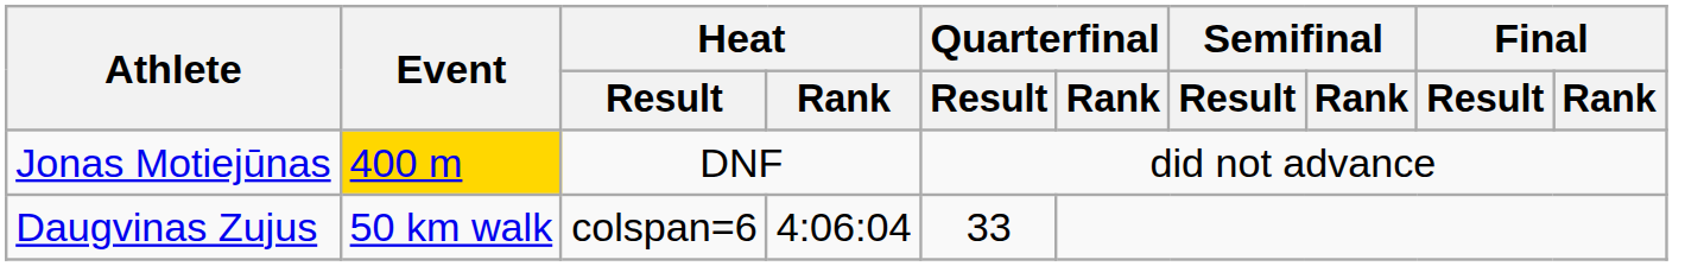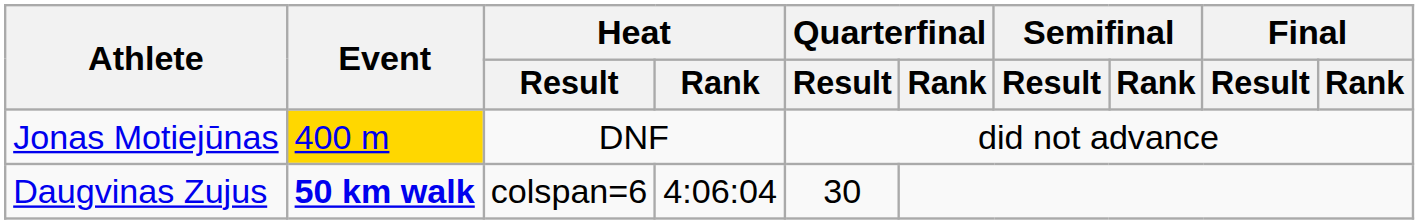 <table class="wikitable" style="font-size:90%">
 <tr>
 <th rowspan="2">Athlete</th>
 <th rowspan="2">Event</th>
 <th colspan="2">Heat</th>
 <th colspan="2">Quarterfinal</th>
 <th colspan="2">Semifinal</th>
 <th colspan="2">Final</th>
 </tr>
 <tr style="font-size:95%">
 <th>Result</th>
 <th>Rank</th>
 <th>Result</th>
 <th>Rank</th>
 <th>Result</th>
 <th>Rank</th>
 <th>Result</th>
 <th>Rank</th>
 </tr>
 <tr align=center>
 <td align=left><a href='#'>Jonas Motiejūnas</a></td>
 <td align=left style="background: gold;"><a href='#'>400 m</a></td>
 <td colspan=2>DNF</td>
 <td colspan=6>did not advance</td>
 </tr>
 <tr align=center>
 <td align=left><a href='#'>Daugvinas Zujus</a></td>
-<td align=left><a href='#'>50 km walk</a></td>
+<td align=left><strong><a href='#'>50 km walk</a></strong></td>
 <td>colspan=6 </td>
 <td>4:06:04</td>
-<td>33</td>
+<td>30</td>
 </tr>
 </table>
